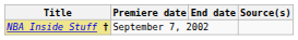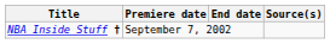 <table class="wikitable sortable">
 <tr>
 <th>Title</th>
 <th>Premiere date</th>
 <th>End date</th>
 <th>Source(s)</th>
 </tr>
 <tr>
-<td style="background: khaki;"><em><a href='#'>NBA Inside Stuff</a></em> <strong>†</strong></td>
+<td><em><a href='#'>NBA Inside Stuff</a></em> <strong>†</strong></td>
 <td colspan=2>September 7, 2002</td>
 </tr>
 </table>
